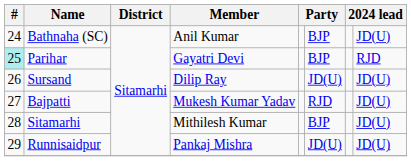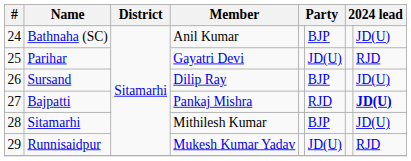 <table class="wikitable">
 <tr>
 <th>#</th>
 <th>Name</th>
 <th>District</th>
 <th>Member</th>
 <th colspan="2">Party</th>
 <th colspan="2">2024 lead</th>
 </tr>
 <tr>
 <td>24</td>
 <td><a href='#'>Bathnaha</a> (SC)</td>
 <td rowspan="6"><a href='#'>Sitamarhi</a></td>
 <td>Anil Kumar</td>
 <td style="background-color: "></td>
 <td><a href='#'>BJP</a></td>
 <td style="background-color: "></td>
 <td><a href='#'>JD(U)</a></td>
 </tr>
 <tr>
-<td style="background: paleturquoise;">25</td>
+<td>25</td>
 <td><a href='#'>Parihar</a></td>
 <td><a href='#'>Gayatri Devi</a></td>
 <td style="background-color: "></td>
-<td><a href='#'>BJP</a></td>
+<td><a href='#'>JD(U)</a></td>
 <td style="background-color: "></td>
 <td><a href='#'>RJD</a></td>
 </tr>
 <tr>
 <td>26</td>
 <td><a href='#'>Sursand</a></td>
 <td><a href='#'>Dilip Ray</a></td>
 <td style="background-color: "></td>
-<td><a href='#'>JD(U)</a></td>
+<td><a href='#'>BJP</a></td>
 <td style="background-color: "></td>
 <td><a href='#'>JD(U)</a></td>
 </tr>
 <tr>
 <td>27</td>
 <td><a href='#'>Bajpatti</a></td>
-<td><a href='#'>Mukesh Kumar Yadav</a></td>
+<td><a href='#'>Pankaj Mishra</a></td>
 <td style="background-color: "></td>
 <td><a href='#'>RJD</a></td>
 <td style="background-color: "></td>
-<td><a href='#'>JD(U)</a></td>
+<td><strong><a href='#'>JD(U)</a></strong></td>
 </tr>
 <tr>
 <td>28</td>
 <td><a href='#'>Sitamarhi</a></td>
 <td>Mithilesh Kumar</td>
 <td style="background-color: "></td>
 <td><a href='#'>BJP</a></td>
 <td style="background-color: "></td>
 <td><a href='#'>JD(U)</a></td>
 </tr>
 <tr>
 <td>29</td>
 <td><a href='#'>Runnisaidpur</a></td>
-<td><a href='#'>Pankaj Mishra</a></td>
+<td><a href='#'>Mukesh Kumar Yadav</a></td>
 <td style="background-color: "></td>
 <td><a href='#'>JD(U)</a></td>
 <td style="background-color: "></td>
-<td><a href='#'>JD(U)</a></td>
+<td><a href='#'>RJD</a></td>
 </tr>
 <tr>
 </tr>
 </table>
